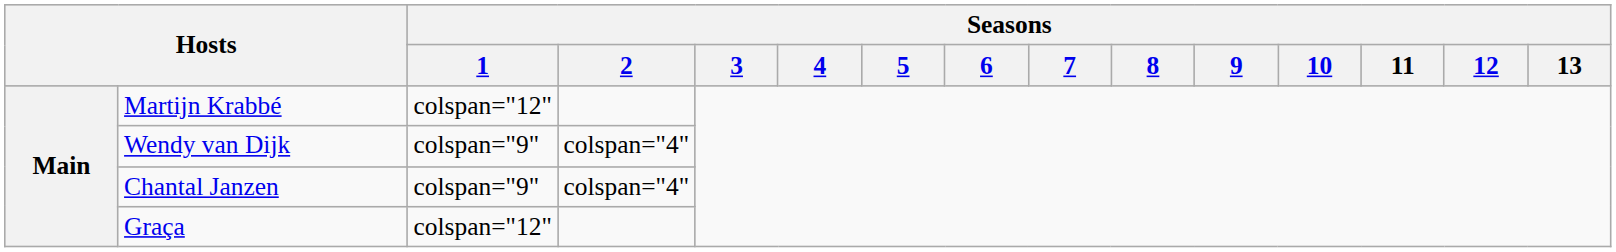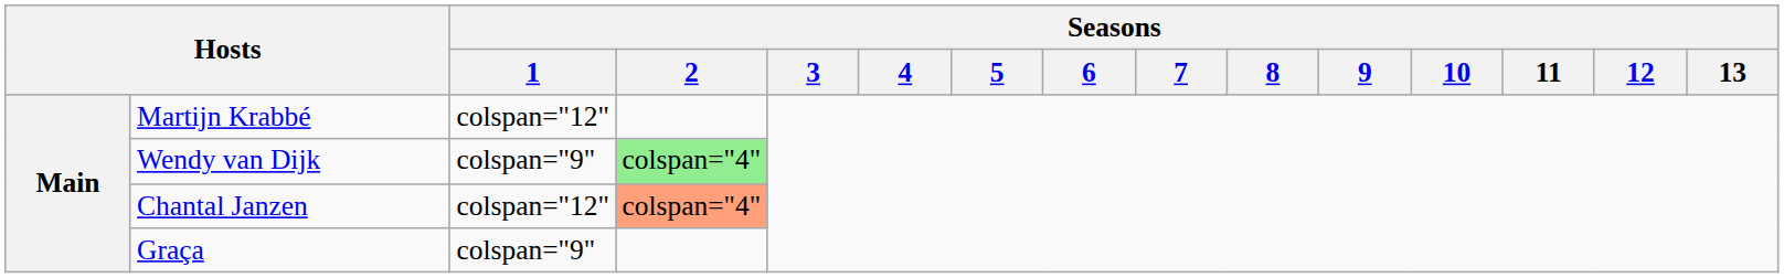 <table class="wikitable" width="80%">
 <tr>
 <th rowspan="2" colspan="2">Hosts</th>
 <th colspan="13">Seasons</th>
 </tr>
 <tr>
 <th width="45"><a href='#'>1</a></th>
 <th width="45"><a href='#'>2</a></th>
 <th width="45"><a href='#'>3</a></th>
 <th width="45"><a href='#'>4</a></th>
 <th width="45"><a href='#'>5</a></th>
 <th width="45"><a href='#'>6</a></th>
 <th width="45"><a href='#'>7</a></th>
 <th width="45"><a href='#'>8</a></th>
 <th width="45"><a href='#'>9</a></th>
 <th width="45"><a href='#'>10</a></th>
 <th width="45">11</th>
 <th width="45"><a href='#'>12</a></th>
 <th width="45">13</th>
 </tr>
 <tr>
 <th rowspan="4">Main</th>
 <td><a href='#'>Martijn Krabbé</a></td>
 <td>colspan="12" </td>
 <td></td>
 </tr>
 <tr>
 <td><a href='#'>Wendy van Dijk</a></td>
 <td>colspan="9" </td>
-<td>colspan="4" </td>
+<td style="background: lightgreen;">colspan="4" </td>
 </tr>
 <tr>
 <td><a href='#'>Chantal Janzen</a></td>
-<td>colspan="9" </td>
-<td>colspan="4" </td>
+<td>colspan="12" </td>
+<td style="background: lightsalmon;">colspan="4" </td>
 </tr>
 <tr>
 <td><a href='#'> Graça</a></td>
-<td>colspan="12" </td>
+<td>colspan="9" </td>
 <td></td>
 </tr>
 </table>
